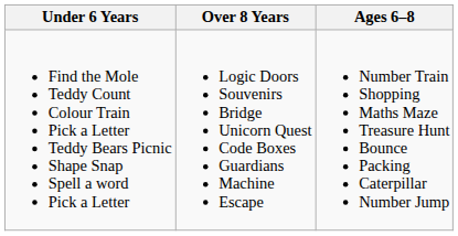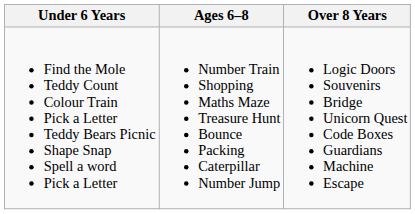 <table class="wikitable">
 <tr>
 <th>Under 6 Years</th>
+<th>Ages 6–8</th>
 <th>Over 8 Years</th>
-<th>Ages 6–8</th>
 </tr>
 <tr>
 <td><br><ul><li>Find the Mole</li><li>Teddy Count</li><li>Colour Train</li><li>Pick a Letter</li><li>Teddy Bears Picnic</li><li>Shape Snap</li><li>Spell a word</li><li>Pick a Letter</li></ul></td>
+<td><br><ul><li>Number Train</li><li>Shopping</li><li>Maths Maze</li><li>Treasure Hunt</li><li>Bounce</li><li>Packing</li><li>Caterpillar</li><li>Number Jump</li></ul></td>
 <td><br><ul><li>Logic Doors</li><li>Souvenirs</li><li>Bridge</li><li>Unicorn Quest</li><li>Code Boxes</li><li>Guardians</li><li>Machine</li><li>Escape</li></ul></td>
-<td><br><ul><li>Number Train</li><li>Shopping</li><li>Maths Maze</li><li>Treasure Hunt</li><li>Bounce</li><li>Packing</li><li>Caterpillar</li><li>Number Jump</li></ul></td>
 </tr>
 </table>
